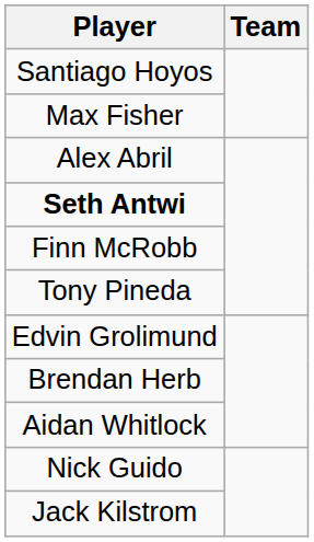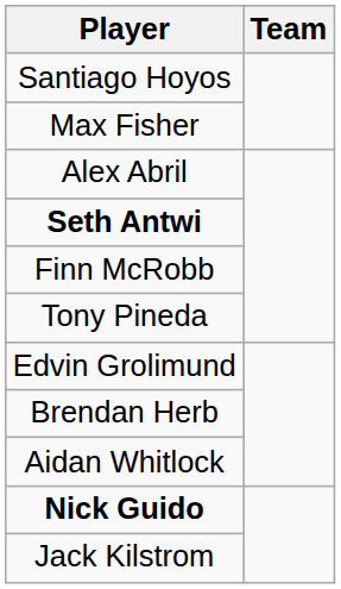 <table class="wikitable" style="text-align:center">
 <tr>
 <th>Player</th>
 <th>Team</th>
 </tr>
 <tr>
 <td>Santiago Hoyos</td>
 <td rowspan=2></td>
 </tr>
 <tr>
 <td>Max Fisher</td>
 </tr>
 <tr>
 <td>Alex Abril</td>
 <td rowspan=4></td>
 </tr>
 <tr>
 <td><strong>Seth Antwi</strong></td>
 </tr>
 <tr>
 <td>Finn McRobb</td>
 </tr>
 <tr>
 <td>Tony Pineda</td>
 </tr>
 <tr>
 <td>Edvin Grolimund</td>
 <td rowspan=3></td>
 </tr>
 <tr>
 <td>Brendan Herb</td>
 </tr>
 <tr>
 <td>Aidan Whitlock</td>
 </tr>
 <tr>
-<td>Nick Guido</td>
+<td><strong>Nick Guido</strong></td>
 <td rowspan=2></td>
 </tr>
 <tr>
 <td>Jack Kilstrom</td>
 </tr>
 </table>
